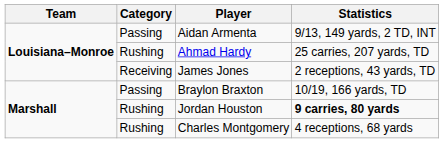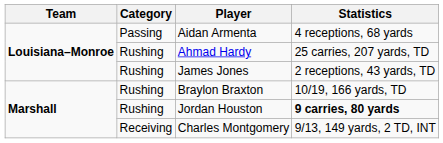 <table class="wikitable" style="float: right;">
 <tr>
 <th>Team</th>
 <th>Category</th>
 <th>Player</th>
 <th>Statistics</th>
 </tr>
 <tr>
 <td rowspan=3><strong>Louisiana–Monroe</strong></td>
 <td>Passing</td>
 <td>Aidan Armenta</td>
-<td>9/13, 149 yards, 2 TD, INT</td>
+<td>4 receptions, 68 yards</td>
 </tr>
 <tr>
 <td>Rushing</td>
 <td><a href='#'>Ahmad Hardy</a></td>
 <td>25 carries, 207 yards, TD</td>
 </tr>
 <tr>
-<td>Receiving</td>
+<td>Rushing</td>
 <td>James Jones</td>
 <td>2 receptions, 43 yards, TD</td>
 </tr>
 <tr>
 <td rowspan=3><strong>Marshall</strong></td>
-<td>Passing</td>
+<td>Rushing</td>
 <td>Braylon Braxton</td>
 <td>10/19, 166 yards, TD</td>
 </tr>
 <tr>
 <td>Rushing</td>
 <td>Jordan Houston</td>
 <td><strong>9 carries, 80 yards</strong></td>
 </tr>
 <tr>
-<td>Rushing</td>
+<td>Receiving</td>
 <td>Charles Montgomery</td>
-<td>4 receptions, 68 yards</td>
+<td>9/13, 149 yards, 2 TD, INT</td>
 </tr>
 </table>
